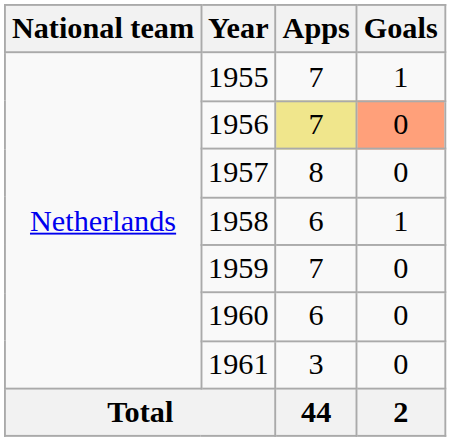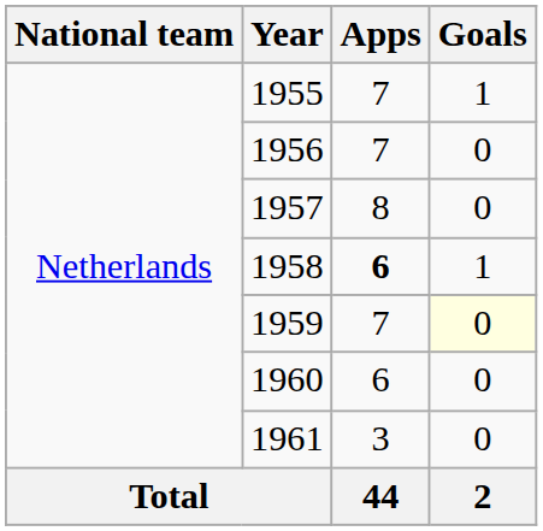 <table class="wikitable" style="text-align:center">
 <tr>
 <th>National team</th>
 <th>Year</th>
 <th>Apps</th>
 <th>Goals</th>
 </tr>
 <tr>
 <td rowspan="7"><a href='#'>Netherlands</a></td>
 <td>1955</td>
 <td>7</td>
 <td>1</td>
 </tr>
 <tr>
 <td>1956</td>
-<td style="background: khaki;">7</td>
-<td style="background: lightsalmon;">0</td>
+<td>7</td>
+<td>0</td>
 </tr>
 <tr>
 <td>1957</td>
 <td>8</td>
 <td>0</td>
 </tr>
 <tr>
 <td>1958</td>
-<td>6</td>
+<td><strong>6</strong></td>
 <td>1</td>
 </tr>
 <tr>
 <td>1959</td>
 <td>7</td>
-<td>0</td>
+<td style="background: lightyellow;">0</td>
 </tr>
 <tr>
 <td>1960</td>
 <td>6</td>
 <td>0</td>
 </tr>
 <tr>
 <td>1961</td>
 <td>3</td>
 <td>0</td>
 </tr>
 <tr>
 <th colspan="2">Total</th>
 <th>44</th>
 <th>2</th>
 </tr>
 </table>
